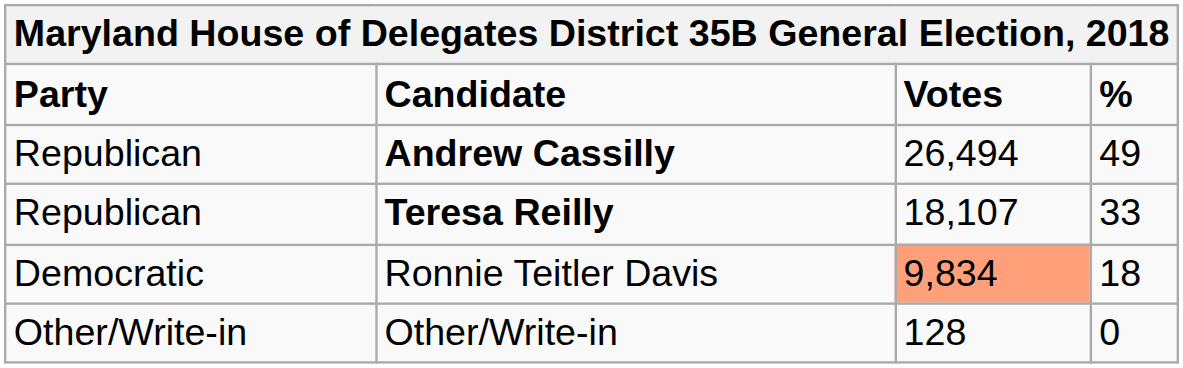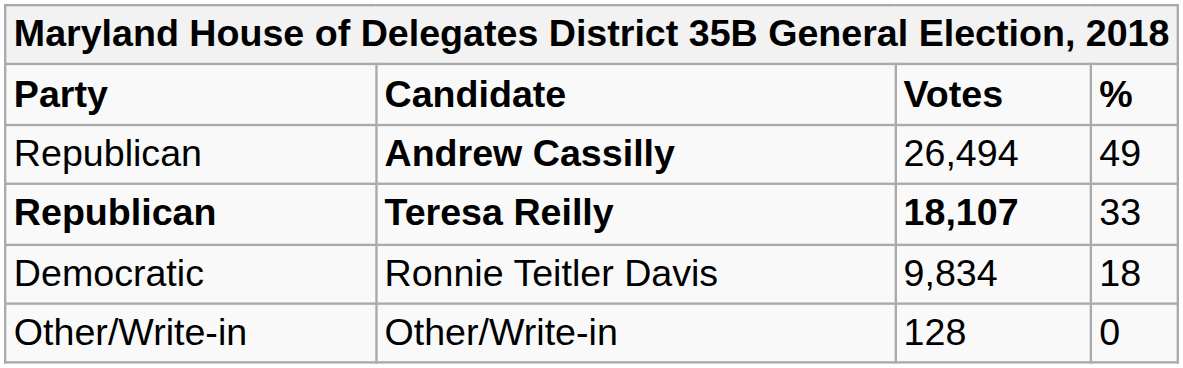 <table class="wikitable">
 <tr>
 <th colspan="4">Maryland House of Delegates District 35B General Election, 2018</th>
 </tr>
 <tr>
 <td><strong>Party</strong></td>
 <td><strong>Candidate</strong></td>
 <td><strong>Votes</strong></td>
 <td><strong>%</strong></td>
 </tr>
 <tr>
 <td>Republican</td>
 <td><strong>Andrew Cassilly</strong></td>
 <td>26,494</td>
 <td>49</td>
 </tr>
 <tr>
-<td>Republican</td>
+<td><strong>Republican</strong></td>
 <td><strong>Teresa Reilly</strong></td>
-<td>18,107</td>
+<td><strong>18,107</strong></td>
 <td>33</td>
 </tr>
 <tr>
 <td>Democratic</td>
 <td>Ronnie Teitler Davis</td>
-<td style="background: lightsalmon;">9,834</td>
+<td>9,834</td>
 <td>18</td>
 </tr>
 <tr>
 <td>Other/Write-in</td>
 <td>Other/Write-in</td>
 <td>128</td>
 <td>0</td>
 </tr>
 </table>
